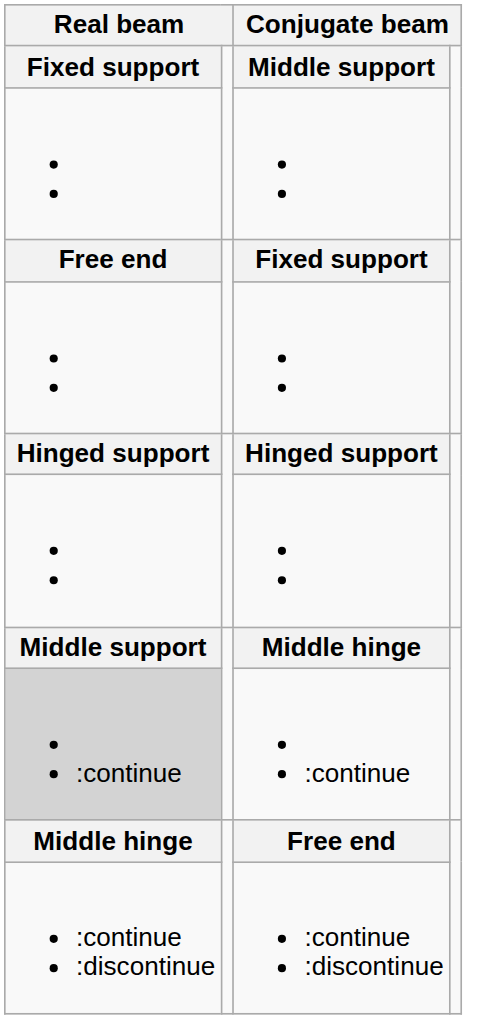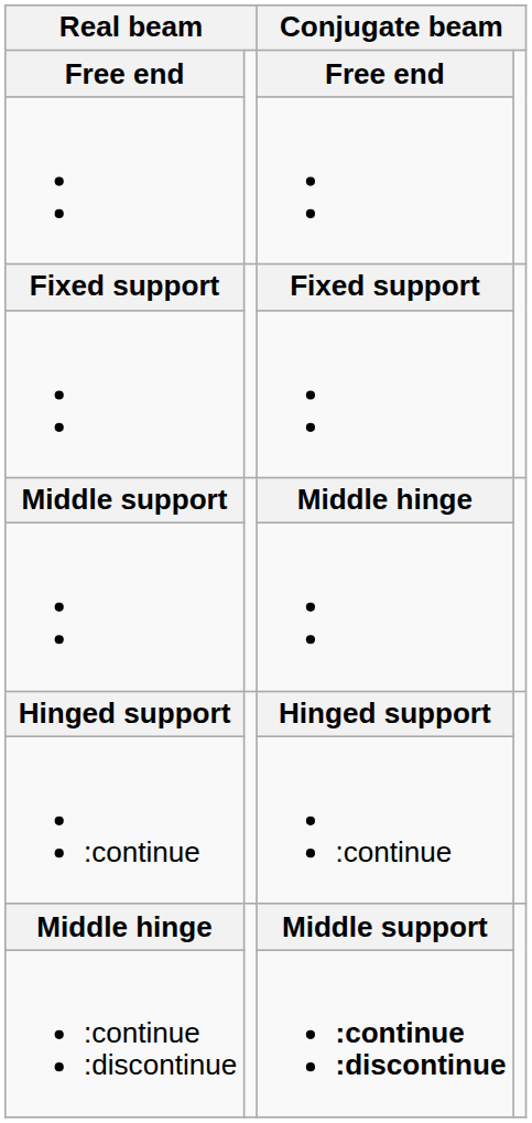 <table class = "wikitable">
 <tr>
 <th colspan="2">Real beam</th>
 <th colspan="2">Conjugate beam</th>
 </tr>
 <tr>
-<th>Fixed support</th>
+<th>Free end</th>
 <td rowspan="2"></td>
-<th>Middle support</th>
+<th>Free end</th>
 <td rowspan="2"></td>
 </tr>
 <tr>
 <td><br><ul><li></li><li></li></ul></td>
 <td><br><ul><li></li><li></li></ul></td>
 </tr>
 <tr>
-<th>Free end</th>
+<th>Fixed support</th>
 <td rowspan="2"></td>
 <th>Fixed support</th>
+<td rowspan="2"></td>
+</tr>
+<tr>
+<td><br><ul><li></li><li></li></ul></td>
+<td><br><ul><li></li><li></li></ul></td>
+</tr>
+<tr>
+<th>Middle support</th>
+<td rowspan="2"></td>
+<th>Middle hinge</th>
 <td rowspan="2"></td>
 </tr>
 <tr>
 <td><br><ul><li></li><li></li></ul></td>
 <td><br><ul><li></li><li></li></ul></td>
 </tr>
 <tr>
 <th>Hinged support</th>
 <td rowspan="2"></td>
 <th>Hinged support</th>
 <td rowspan="2"></td>
 </tr>
 <tr>
-<td><br><ul><li></li><li></li></ul></td>
-<td><br><ul><li></li><li></li></ul></td>
-</tr>
-<tr>
-<th>Middle support</th>
-<td rowspan="2"></td>
-<th>Middle hinge</th>
-<td rowspan="2"></td>
-</tr>
-<tr>
-<td style="background: lightgrey;"><br><ul><li></li><li>:continue</li></ul></td>
+<td><br><ul><li></li><li>:continue</li></ul></td>
 <td><br><ul><li></li><li>:continue</li></ul></td>
 </tr>
 <tr>
 <th>Middle hinge</th>
 <td rowspan="2"></td>
-<th>Free end</th>
+<th>Middle support</th>
 <td rowspan="2"></td>
 </tr>
 <tr>
 <td><br><ul><li>:continue</li><li>:discontinue</li></ul></td>
-<td><br><ul><li>:continue</li><li>:discontinue</li></ul></td>
+<td><strong><br><ul><li>:continue</li><li>:discontinue</li></ul></strong></td>
 </tr>
 </table>
